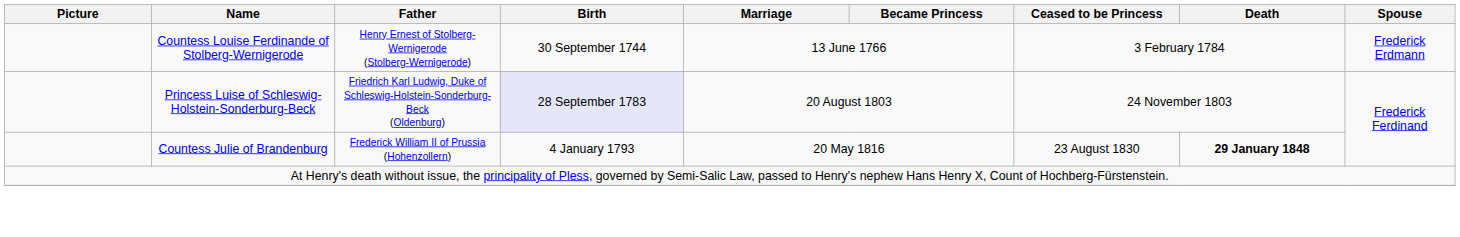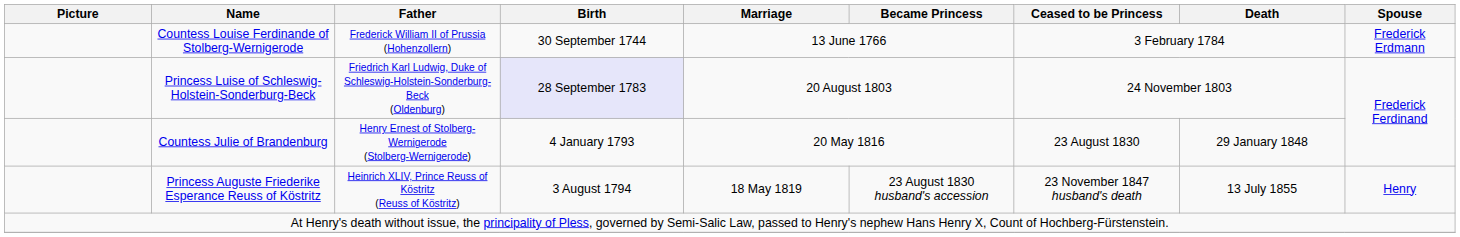 <table width=95% class="wikitable">
 <tr>
 <th width = "8%">Picture</th>
 <th width = "10%">Name</th>
 <th width = "9%">Father</th>
 <th width = "10%">Birth</th>
 <th width = "9%">Marriage</th>
 <th width = "9%">Became Princess</th>
 <th width = "9%">Ceased to be Princess</th>
 <th width = "9%">Death</th>
 <th width = "6%">Spouse</th>
 </tr>
 <tr>
 <td align="center"></td>
 <td align="center"><a href='#'>Countess Louise Ferdinande of Stolberg-Wernigerode</a></td>
-<td align="center"><small><a href='#'>Henry Ernest of Stolberg-Wernigerode</a><br>(<a href='#'>Stolberg-Wernigerode</a>)</small></td>
+<td align="center"><small><a href='#'>Frederick William II of Prussia</a><br>(<a href='#'>Hohenzollern</a>)</small></td>
 <td align="center">30 September 1744</td>
 <td align="center" colspan="2">13 June 1766</td>
 <td align="center" colspan="2">3 February 1784</td>
 <td align="center"><a href='#'>Frederick Erdmann</a></td>
 </tr>
 <tr>
 <td align="center"></td>
 <td align="center"><a href='#'>Princess Luise of Schleswig-Holstein-Sonderburg-Beck</a></td>
 <td align="center"><small><a href='#'>Friedrich Karl Ludwig, Duke of Schleswig-Holstein-Sonderburg-Beck</a><br>(<a href='#'>Oldenburg</a>)</small></td>
 <td align="center" style="background: lavender;">28 September 1783</td>
 <td align="center" colspan="2">20 August 1803</td>
 <td align="center" colspan="2">24 November 1803</td>
 <td align="center" rowspan="2"><a href='#'>Frederick Ferdinand</a></td>
 </tr>
 <tr>
 <td align="center"></td>
 <td align="center"><a href='#'>Countess Julie of Brandenburg</a></td>
-<td align="center"><small><a href='#'>Frederick William II of Prussia</a><br>(<a href='#'>Hohenzollern</a>)</small></td>
+<td align="center"><small><a href='#'>Henry Ernest of Stolberg-Wernigerode</a><br>(<a href='#'>Stolberg-Wernigerode</a>)</small></td>
 <td align="center">4 January 1793</td>
 <td align="center" colspan="2">20 May 1816</td>
 <td align="center">23 August 1830</td>
-<td align="center"><strong>29 January 1848</strong></td>
+<td align="center">29 January 1848</td>
+</tr>
+<tr>
+<td align="center"></td>
+<td align="center"><a href='#'>Princess Auguste Friederike Esperance Reuss of Köstritz</a></td>
+<td align="center"><small><a href='#'>Heinrich XLIV, Prince Reuss of Köstritz</a><br>(<a href='#'>Reuss of Köstritz</a>)</small></td>
+<td align="center">3 August 1794</td>
+<td align="center">18 May 1819</td>
+<td align="center">23 August 1830<br><em>husband's accession</em></td>
+<td align="center">23 November 1847<br><em>husband's death</em></td>
+<td align="center">13 July 1855</td>
+<td align="center"><a href='#'>Henry</a></td>
 </tr>
 <tr>
 <td align="center" colspan="9">At Henry's death without issue, the <a href='#'>principality of Pless</a>, governed by Semi-Salic Law, passed to Henry's nephew Hans Henry X, Count of Hochberg-Fürstenstein.</td>
 </tr>
 <tr>
 </tr>
 </table>
